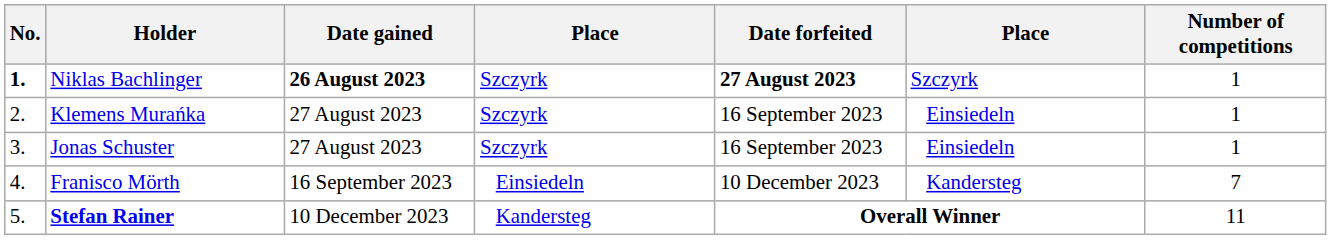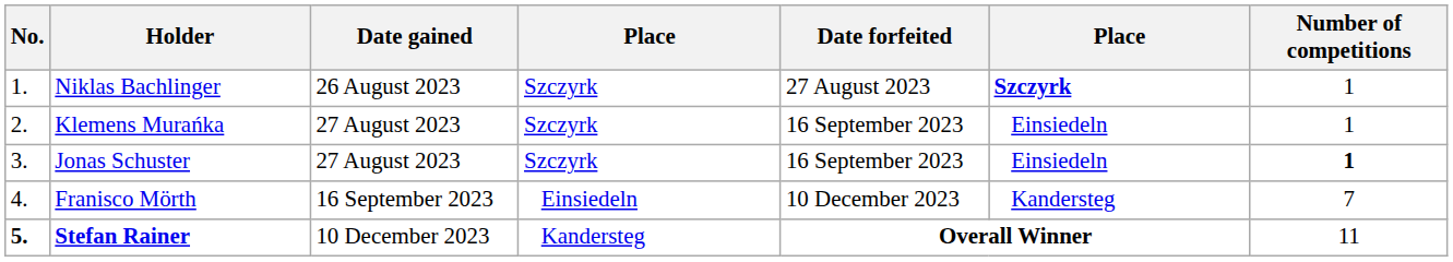 <table class="wikitable plainrowheaders" style="background:#fff; font-size:86%; line-height:16px; border:grey solid 1px; border-collapse:collapse;">
 <tr>
 <th style="width:1em;">No.</th>
 <th style="width:13em;">Holder</th>
 <th style="width:10em;">Date gained</th>
 <th style="width:13em;">Place</th>
 <th style="width:10em;">Date forfeited</th>
 <th style="width:13em;">Place</th>
 <th style="width:9em;">Number of competitions</th>
 </tr>
 <tr>
-<td><strong>1.</strong></td>
+<td>1.</td>
 <td> <a href='#'>Niklas Bachlinger</a></td>
-<td><strong>26 August 2023</strong></td>
+<td>26 August 2023</td>
 <td> <a href='#'>Szczyrk</a></td>
-<td><strong>27 August 2023</strong></td>
-<td> <a href='#'>Szczyrk</a></td>
+<td>27 August 2023</td>
+<td><strong> <a href='#'>Szczyrk</a></strong></td>
 <td align=center>1</td>
 </tr>
 <tr>
 <td>2.</td>
 <td> <a href='#'>Klemens Murańka</a></td>
 <td>27 August 2023</td>
 <td> <a href='#'>Szczyrk</a></td>
 <td>16 September 2023</td>
 <td>   <a href='#'>Einsiedeln</a></td>
 <td align=center>1</td>
 </tr>
 <tr>
 <td>3.</td>
 <td> <a href='#'>Jonas Schuster</a></td>
 <td>27 August 2023</td>
 <td> <a href='#'>Szczyrk</a></td>
 <td>16 September 2023</td>
 <td>   <a href='#'>Einsiedeln</a></td>
-<td align=center>1</td>
+<td align=center><strong>1</strong></td>
 </tr>
 <tr>
 <td>4.</td>
 <td> <a href='#'>Franisco Mörth</a></td>
 <td>16 September 2023</td>
 <td>   <a href='#'>Einsiedeln</a></td>
 <td>10 December 2023</td>
 <td>   <a href='#'>Kandersteg</a></td>
 <td align=center>7</td>
 </tr>
 <tr>
-<td>5.</td>
+<td><strong>5.</strong></td>
 <td> <strong><a href='#'>Stefan Rainer</a></strong></td>
 <td>10 December 2023</td>
 <td>   <a href='#'>Kandersteg</a></td>
 <td align=center colspan=2><strong>Overall Winner</strong></td>
 <td align=center>11</td>
 </tr>
 </table>
